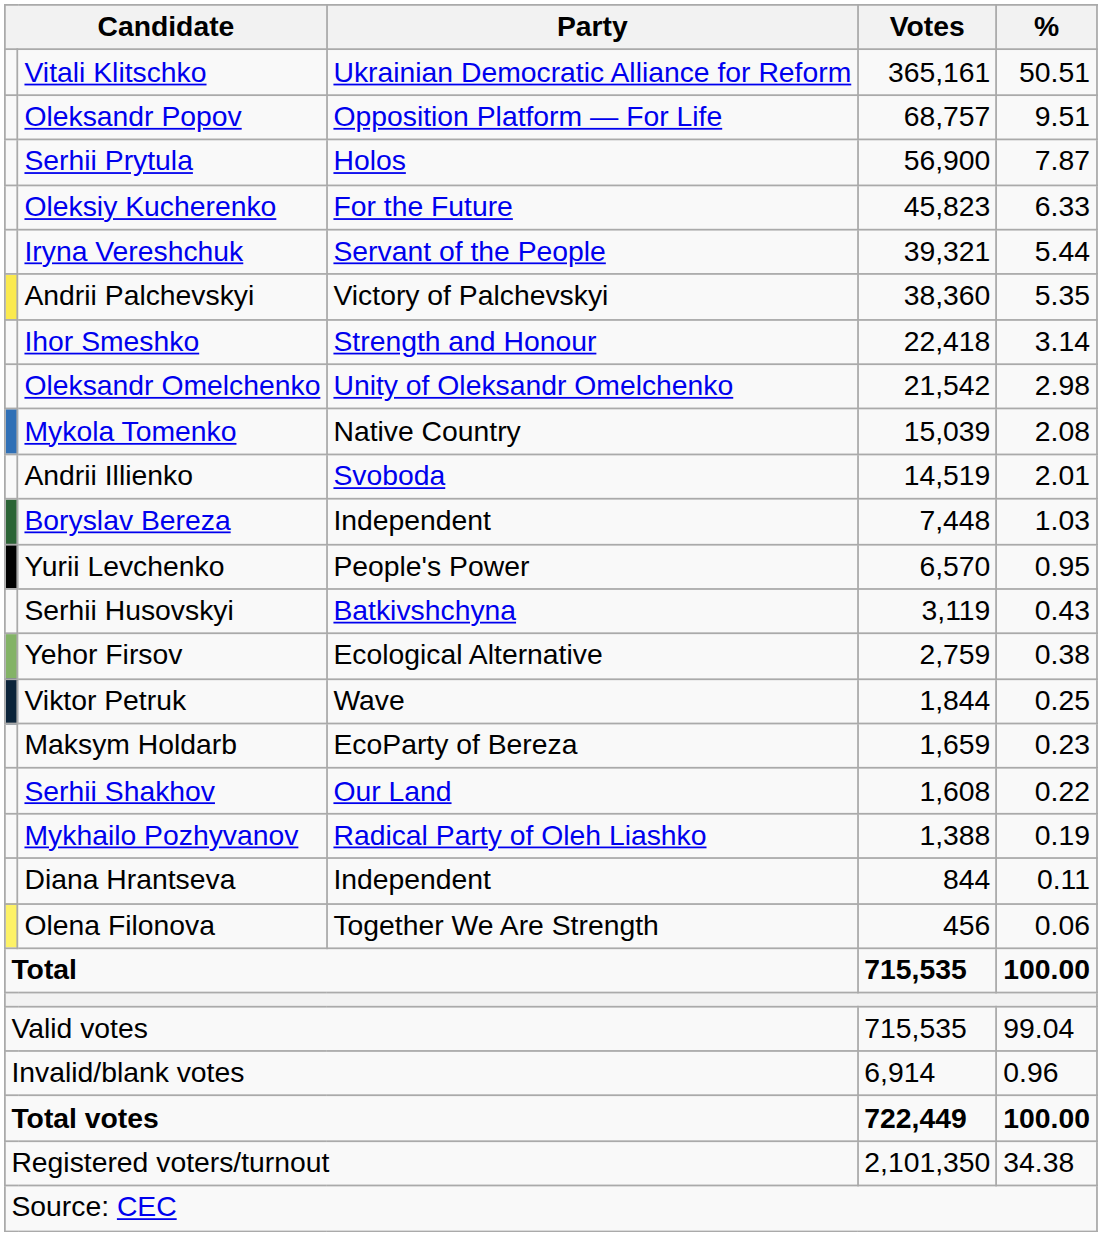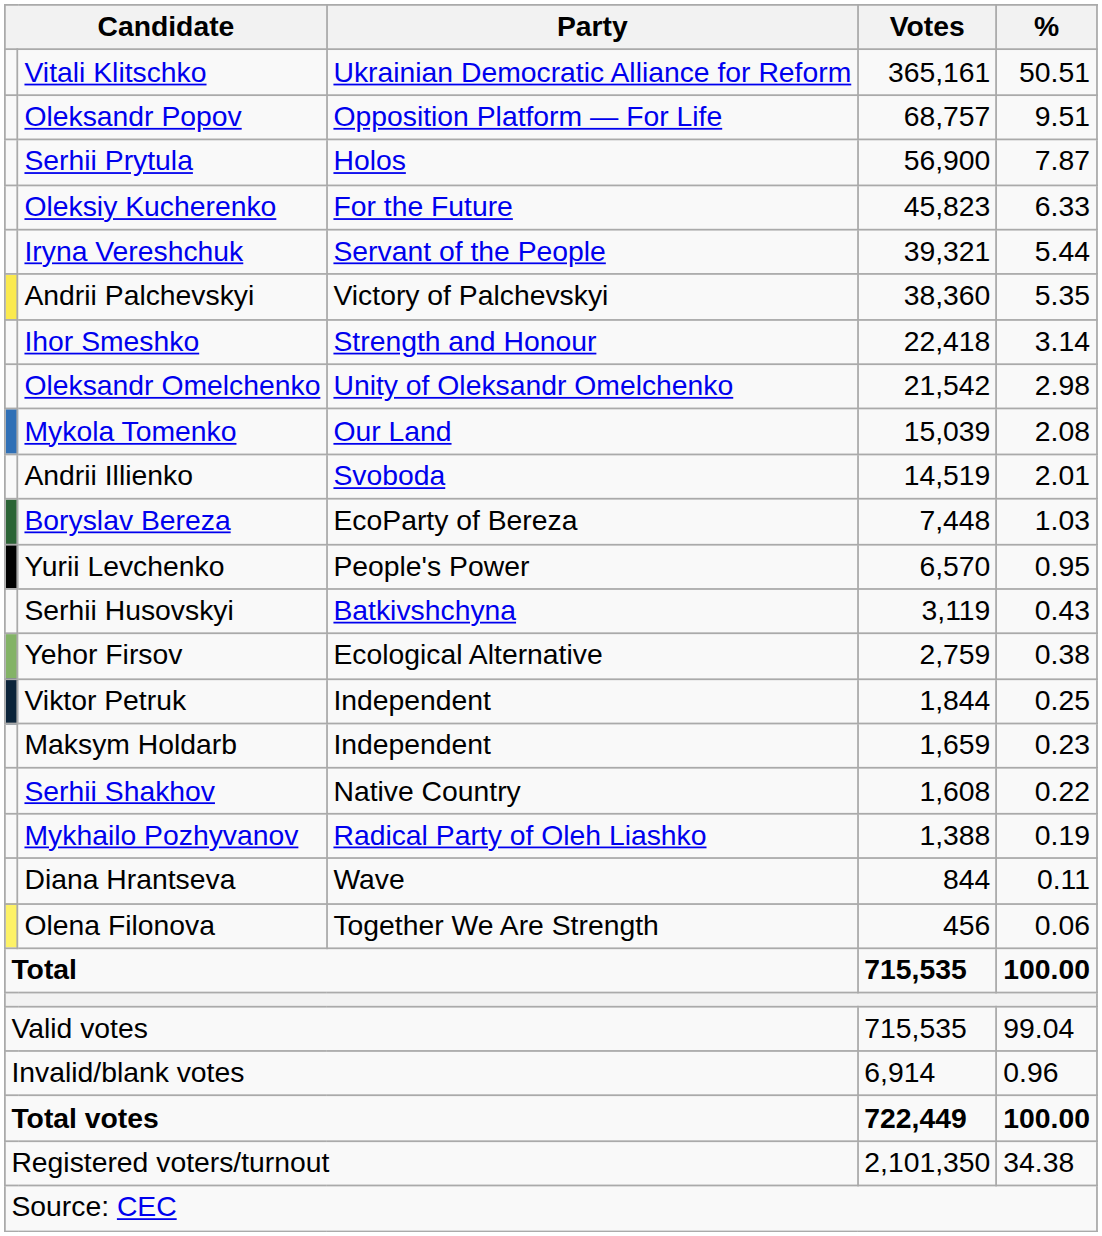 <table class="wikitable" border="1">
 <tr>
 <th colspan="2">Candidate</th>
 <th>Party</th>
 <th>Votes</th>
 <th>%</th>
 </tr>
 <tr>
 <td></td>
 <td align="left"><a href='#'>Vitali Klitschko</a></td>
 <td align="left"><a href='#'>Ukrainian Democratic Alliance for Reform</a></td>
 <td align="right">365,161</td>
 <td align="right">50.51</td>
 </tr>
 <tr>
 <td></td>
 <td align="left"><a href='#'>Oleksandr Popov</a></td>
 <td align="left"><a href='#'>Opposition Platform — For Life</a></td>
 <td align="right">68,757</td>
 <td align="right">9.51</td>
 </tr>
 <tr>
 <td></td>
 <td align="left"><a href='#'>Serhii Prytula</a></td>
 <td align="left"><a href='#'>Holos</a></td>
 <td align="right">56,900</td>
 <td align="right">7.87</td>
 </tr>
 <tr>
 <td></td>
 <td align="left"><a href='#'>Oleksiy Kucherenko</a></td>
 <td align="left"><a href='#'>For the Future</a></td>
 <td align="right">45,823</td>
 <td align="right">6.33</td>
 </tr>
 <tr>
 <td></td>
 <td align="left"><a href='#'>Iryna Vereshchuk</a></td>
 <td align="left"><a href='#'>Servant of the People</a></td>
 <td align="right">39,321</td>
 <td align="right">5.44</td>
 </tr>
 <tr>
 <td style="color:inherit;background:#FBEA4E"></td>
 <td align="left">Andrii Palchevskyi</td>
 <td align="left">Victory of Palchevskyi</td>
 <td align="right">38,360</td>
 <td align="right">5.35</td>
 </tr>
 <tr>
 <td></td>
 <td align="left"><a href='#'>Ihor Smeshko</a></td>
 <td align="left"><a href='#'>Strength and Honour</a></td>
 <td align="right">22,418</td>
 <td align="right">3.14</td>
 </tr>
 <tr>
 <td></td>
 <td align="left"><a href='#'>Oleksandr Omelchenko</a></td>
 <td align="left"><a href='#'>Unity of Oleksandr Omelchenko</a></td>
 <td align="right">21,542</td>
 <td align="right">2.98</td>
 </tr>
 <tr>
 <td style="color:inherit;background:#3070B6"></td>
 <td align="left"><a href='#'>Mykola Tomenko</a></td>
-<td align="left">Native Country</td>
+<td align="left"><a href='#'>Our Land</a></td>
 <td align="right">15,039</td>
 <td align="right">2.08</td>
 </tr>
 <tr>
 <td></td>
 <td align="left">Andrii Illienko</td>
 <td align="left"><a href='#'>Svoboda</a></td>
 <td align="right">14,519</td>
 <td align="right">2.01</td>
 </tr>
 <tr>
 <td style="color:inherit;background:#2B6435"></td>
 <td align="left"><a href='#'>Boryslav Bereza</a></td>
-<td align="left">Independent</td>
+<td align="left">EcoParty of Bereza</td>
 <td align="right">7,448</td>
 <td align="right">1.03</td>
 </tr>
 <tr>
 <td style="color:inherit;background:#000000"></td>
 <td align="left">Yurii Levchenko</td>
 <td align="left">People's Power</td>
 <td align="right">6,570</td>
 <td align="right">0.95</td>
 </tr>
 <tr>
 <td></td>
 <td align="left">Serhii Husovskyi</td>
 <td align="left"><a href='#'>Batkivshchyna</a></td>
 <td align="right">3,119</td>
 <td align="right">0.43</td>
 </tr>
 <tr>
 <td style="color:inherit;background:#83B366"></td>
 <td align="left">Yehor Firsov</td>
 <td align="left">Ecological Alternative</td>
 <td align="right">2,759</td>
 <td align="right">0.38</td>
 </tr>
 <tr>
 <td style="color:inherit;background:#0B243A"></td>
 <td align="left">Viktor Petruk</td>
-<td align="left">Wave</td>
+<td align="left">Independent</td>
 <td align="right">1,844</td>
 <td align="right">0.25</td>
 </tr>
 <tr>
 <td></td>
 <td align="left">Maksym Holdarb</td>
-<td align="left">EcoParty of Bereza</td>
+<td align="left">Independent</td>
 <td align="right">1,659</td>
 <td align="right">0.23</td>
 </tr>
 <tr>
 <td></td>
 <td align="left"><a href='#'>Serhii Shakhov</a></td>
-<td align="left"><a href='#'>Our Land</a></td>
+<td align="left">Native Country</td>
 <td align="right">1,608</td>
 <td align="right">0.22</td>
 </tr>
 <tr>
 <td></td>
 <td align="left"><a href='#'>Mykhailo Pozhyvanov</a></td>
 <td align="left"><a href='#'>Radical Party of Oleh Liashko</a></td>
 <td align="right">1,388</td>
 <td align="right">0.19</td>
 </tr>
 <tr>
 <td></td>
 <td align="left">Diana Hrantseva</td>
-<td align="left">Independent</td>
+<td align="left">Wave</td>
 <td align="right">844</td>
 <td align="right">0.11</td>
 </tr>
 <tr>
 <td style="color:inherit;background:#FDF266"></td>
 <td align="left">Olena Filonova</td>
 <td align="left">Together We Are Strength</td>
 <td align="right">456</td>
 <td align="right">0.06</td>
 </tr>
 <tr>
 <td colspan="3"><strong>Total</strong></td>
 <td><strong>715,535</strong></td>
 <td><strong>100.00</strong></td>
 </tr>
 <tr>
 <th colspan="5"></th>
 </tr>
 <tr>
 <td colspan="3">Valid votes</td>
 <td>715,535</td>
 <td>99.04</td>
 </tr>
 <tr>
 <td colspan="3">Invalid/blank votes</td>
 <td>6,914</td>
 <td>0.96</td>
 </tr>
 <tr>
 <td colspan="3"><strong>Total votes</strong></td>
 <td><strong>722,449</strong></td>
 <td><strong>100.00</strong></td>
 </tr>
 <tr>
 <td colspan="3">Registered voters/turnout</td>
 <td>2,101,350</td>
 <td>34.38</td>
 </tr>
 <tr>
 <td colspan="5">Source: <a href='#'>CEC</a></td>
 </tr>
 </table>
